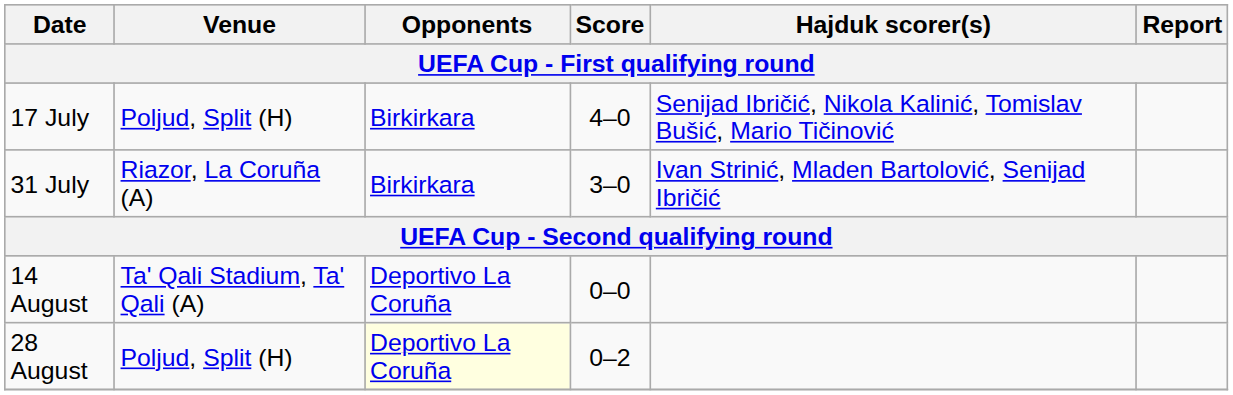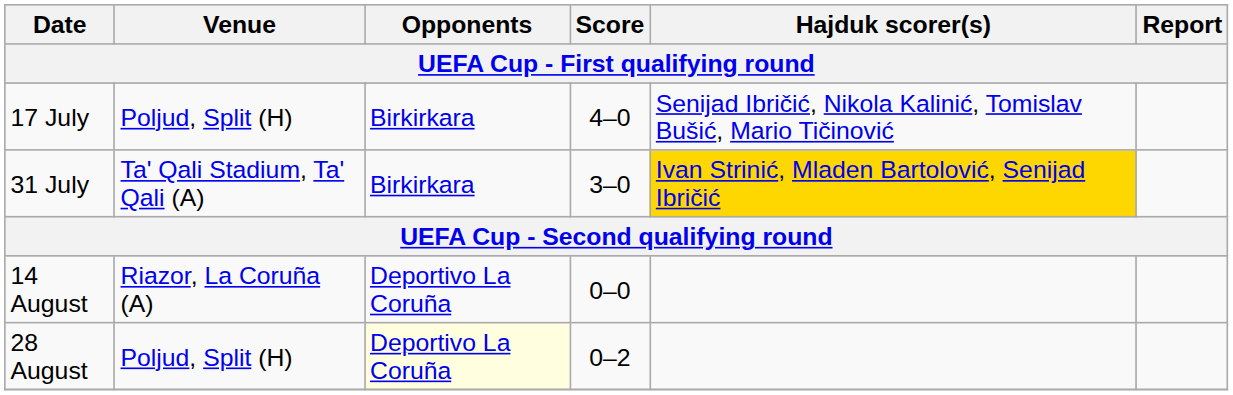 <table class="wikitable" width=85%; style="font-size:95%;">
 <tr>
 <th>Date</th>
 <th>Venue</th>
 <th>Opponents</th>
 <th>Score</th>
 <th>Hajduk scorer(s)</th>
 <th>Report</th>
 </tr>
 <tr>
 <th colspan=7><a href='#'>UEFA Cup - First qualifying round</a></th>
 </tr>
 <tr>
 <td>17 July</td>
 <td><a href='#'>Poljud</a>, <a href='#'>Split</a> (H)</td>
 <td> <a href='#'>Birkirkara</a></td>
 <td align=center>4–0</td>
 <td><a href='#'>Senijad Ibričić</a>, <a href='#'>Nikola Kalinić</a>, <a href='#'>Tomislav Bušić</a>, <a href='#'>Mario Tičinović</a></td>
 <td></td>
 </tr>
 <tr>
 <td>31 July</td>
-<td><a href='#'>Riazor</a>, <a href='#'>La Coruña</a> (A)</td>
+<td><a href='#'>Ta' Qali Stadium</a>, <a href='#'>Ta' Qali</a> (A)</td>
 <td> <a href='#'>Birkirkara</a></td>
 <td align=center>3–0</td>
-<td><a href='#'>Ivan Strinić</a>, <a href='#'>Mladen Bartolović</a>, <a href='#'>Senijad Ibričić</a></td>
+<td style="background: gold;"><a href='#'>Ivan Strinić</a>, <a href='#'>Mladen Bartolović</a>, <a href='#'>Senijad Ibričić</a></td>
 <td></td>
 </tr>
 <tr>
 <th colspan=7><a href='#'>UEFA Cup - Second qualifying round</a></th>
 </tr>
 <tr>
 <td>14 August</td>
-<td><a href='#'>Ta' Qali Stadium</a>, <a href='#'>Ta' Qali</a> (A)</td>
+<td><a href='#'>Riazor</a>, <a href='#'>La Coruña</a> (A)</td>
 <td> <a href='#'>Deportivo La Coruña</a></td>
 <td align=center>0–0</td>
 <td></td>
 <td></td>
 </tr>
 <tr>
 <td>28 August</td>
 <td><a href='#'>Poljud</a>, <a href='#'>Split</a> (H)</td>
 <td style="background: lightyellow;"> <a href='#'>Deportivo La Coruña</a></td>
 <td align=center>0–2</td>
 <td></td>
 <td></td>
 </tr>
 <tr>
 </tr>
 </table>
